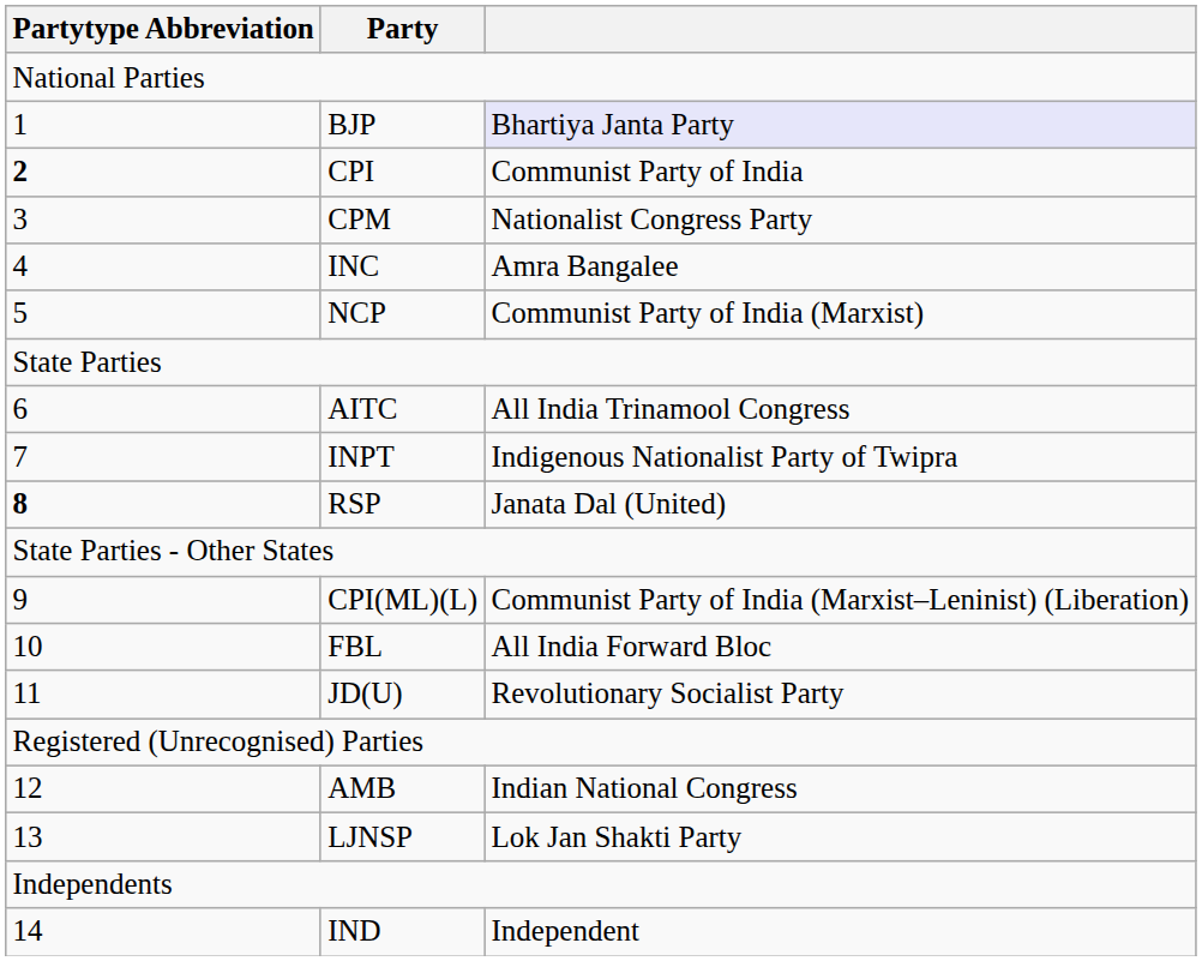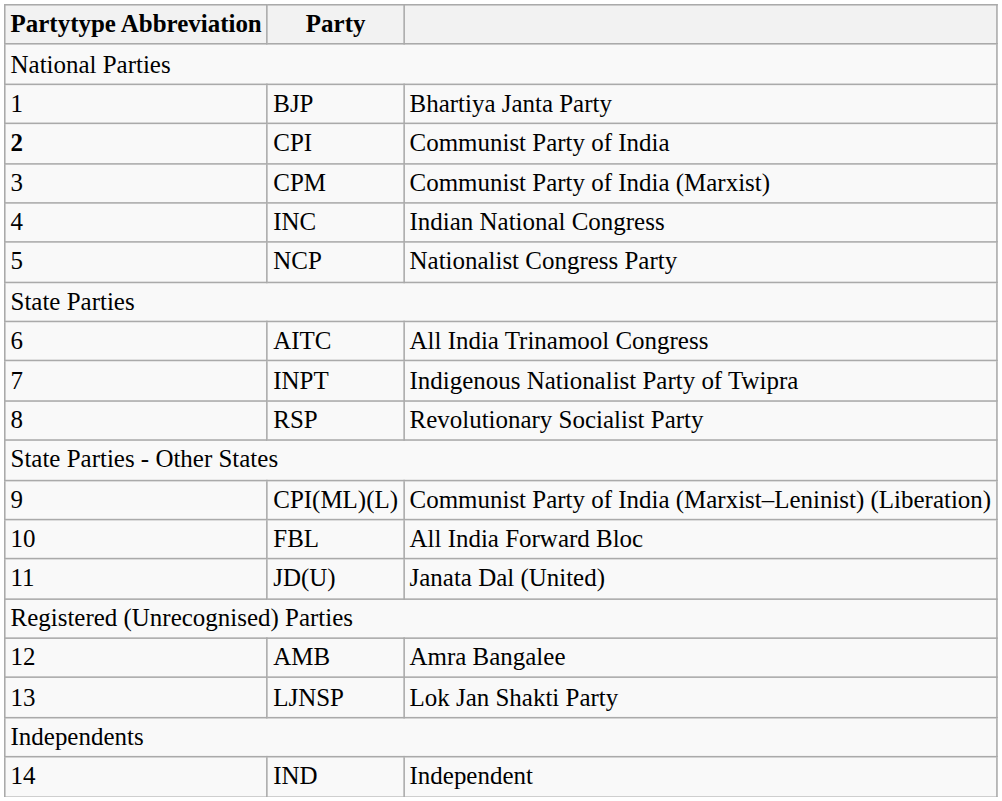 <table class="wikitable">
 <tr>
 <th>Partytype Abbreviation</th>
 <th>Party</th>
 <th></th>
 </tr>
 <tr>
 <td colspan="3">National Parties</td>
 </tr>
 <tr>
 <td>1</td>
 <td>BJP</td>
-<td style="background: lavender;">Bhartiya Janta Party</td>
+<td>Bhartiya Janta Party</td>
 </tr>
 <tr>
 <td><strong>2</strong></td>
 <td>CPI</td>
 <td>Communist Party of India</td>
 </tr>
 <tr>
 <td>3</td>
 <td>CPM</td>
-<td>Nationalist Congress Party</td>
+<td>Communist Party of India (Marxist)</td>
 </tr>
 <tr>
 <td>4</td>
 <td>INC</td>
-<td>Amra Bangalee</td>
+<td>Indian National Congress</td>
 </tr>
 <tr>
 <td>5</td>
 <td>NCP</td>
-<td>Communist Party of India (Marxist)</td>
+<td>Nationalist Congress Party</td>
 </tr>
 <tr>
 <td colspan="3">State Parties</td>
 </tr>
 <tr>
 <td>6</td>
 <td>AITC</td>
 <td>All India Trinamool Congress</td>
 </tr>
 <tr>
 <td>7</td>
 <td>INPT</td>
 <td>Indigenous Nationalist Party of Twipra</td>
 </tr>
 <tr>
-<td><strong>8</strong></td>
+<td>8</td>
 <td>RSP</td>
-<td>Janata Dal (United)</td>
+<td>Revolutionary Socialist Party</td>
 </tr>
 <tr>
 <td colspan="3">State Parties - Other States</td>
 </tr>
 <tr>
 <td>9</td>
 <td>CPI(ML)(L)</td>
 <td>Communist Party of India (Marxist–Leninist) (Liberation)</td>
 </tr>
 <tr>
 <td>10</td>
 <td>FBL</td>
 <td>All India Forward Bloc</td>
 </tr>
 <tr>
 <td>11</td>
 <td>JD(U)</td>
-<td>Revolutionary Socialist Party</td>
+<td>Janata Dal (United)</td>
 </tr>
 <tr>
 <td colspan="3">Registered (Unrecognised) Parties</td>
 </tr>
 <tr>
 <td>12</td>
 <td>AMB</td>
-<td>Indian National Congress</td>
+<td>Amra Bangalee</td>
 </tr>
 <tr>
 <td>13</td>
 <td>LJNSP</td>
 <td>Lok Jan Shakti Party</td>
 </tr>
 <tr>
 <td colspan="3">Independents</td>
 </tr>
 <tr>
 <td>14</td>
 <td>IND</td>
 <td>Independent</td>
 </tr>
 </table>
